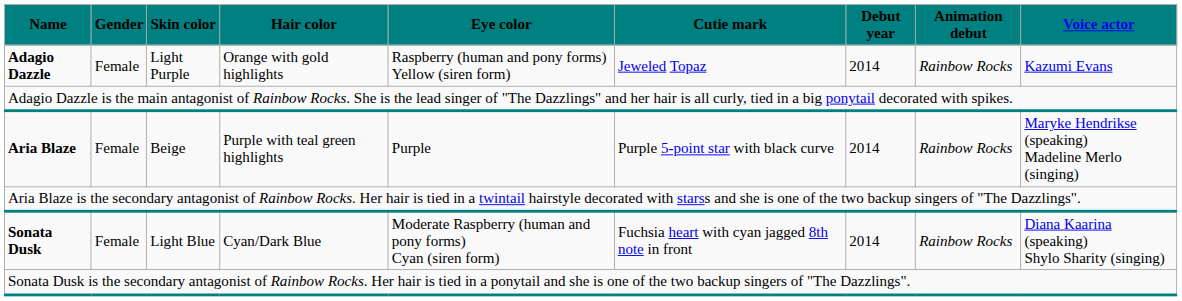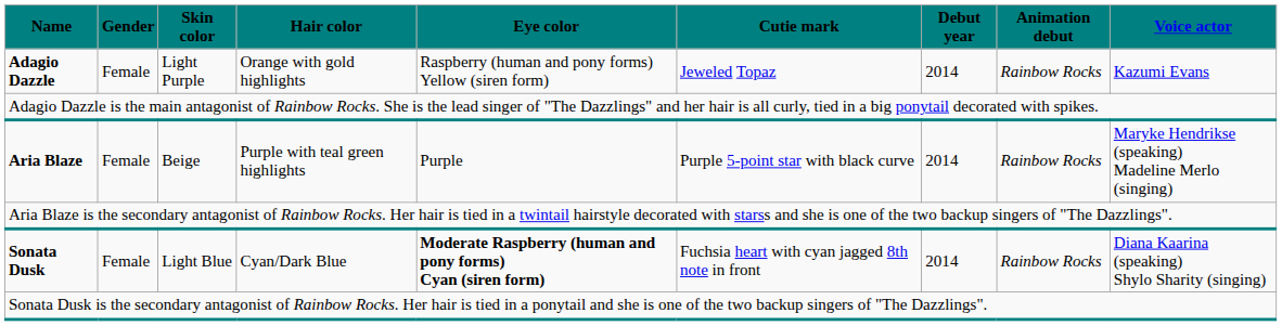 <table class="wikitable mw-collapsible mw-collapsed sortable" style= cellpadding="10" "background: teal;">
 <tr>
 <th style="background:teal;"><span>Name</span></th>
 <th style="background:teal;"><span>Gender</span></th>
 <th style="background:teal;"><span>Skin color</span></th>
 <th style="background:teal;"><span>Hair color</span></th>
 <th style="background:teal;"><span>Eye color</span></th>
 <th style="background:teal;"><span>Cutie mark</span></th>
 <th style="background:teal;"><span>Debut year</span></th>
 <th style="background:teal;"><span>Animation debut</span></th>
 <th style="background:teal;"><a href='#'><span>Voice actor</span></a></th>
 </tr>
 <tr>
 <td><strong>Adagio Dazzle</strong></td>
 <td>Female</td>
 <td>Light Purple</td>
 <td>Orange with gold highlights</td>
 <td>Raspberry (human and pony forms) <br> Yellow (siren form)</td>
 <td><a href='#'>Jeweled</a> <a href='#'>Topaz</a></td>
 <td>2014</td>
 <td><em>Rainbow Rocks</em></td>
 <td><a href='#'>Kazumi Evans</a></td>
 </tr>
 <tr>
 <td style="border-bottom: 3px solid teal;" colspan="14">Adagio Dazzle is the main antagonist of <em>Rainbow Rocks</em>. She is the lead singer of "The Dazzlings" and her hair is all curly, tied in a big <a href='#'>ponytail</a> decorated with spikes.</td>
 </tr>
 <tr>
 <td><strong>Aria Blaze</strong></td>
 <td>Female</td>
 <td>Beige</td>
 <td>Purple with teal green highlights</td>
 <td>Purple</td>
 <td>Purple <a href='#'>5-point star</a> with black curve</td>
 <td>2014</td>
 <td><em>Rainbow Rocks</em></td>
 <td><a href='#'>Maryke Hendrikse</a> (speaking) <br>Madeline Merlo (singing)</td>
 </tr>
 <tr>
 <td style="border-bottom: 3px solid teal;" colspan="14">Aria Blaze is the secondary antagonist of <em>Rainbow Rocks</em>. Her hair is tied in a <a href='#'>twintail</a> hairstyle decorated with <a href='#'>stars</a>s and she is one of the two backup singers of "The Dazzlings".</td>
 </tr>
 <tr>
 <td><strong>Sonata Dusk</strong></td>
 <td>Female</td>
 <td>Light Blue</td>
 <td>Cyan/Dark Blue</td>
-<td>Moderate Raspberry (human and pony forms) <br> Cyan (siren form)</td>
+<td><strong>Moderate Raspberry (human and pony forms) <br> Cyan (siren form)</strong></td>
 <td>Fuchsia <a href='#'>heart</a> with cyan jagged <a href='#'>8th note</a> in front</td>
 <td>2014</td>
 <td><em>Rainbow Rocks</em></td>
 <td><a href='#'>Diana Kaarina</a> (speaking) <br>Shylo Sharity (singing)</td>
 </tr>
 <tr>
 <td style="border-bottom: 3px solid teal;" colspan="14">Sonata Dusk is the secondary antagonist of <em>Rainbow Rocks</em>. Her hair is tied in a ponytail and she is one of the two backup singers of "The Dazzlings".</td>
 </tr>
 </table>
